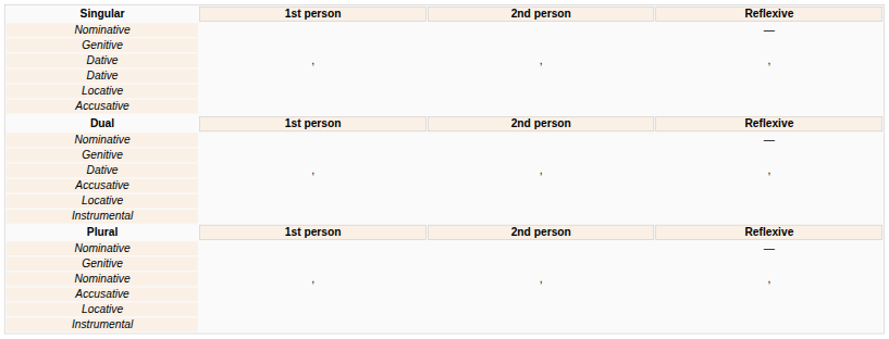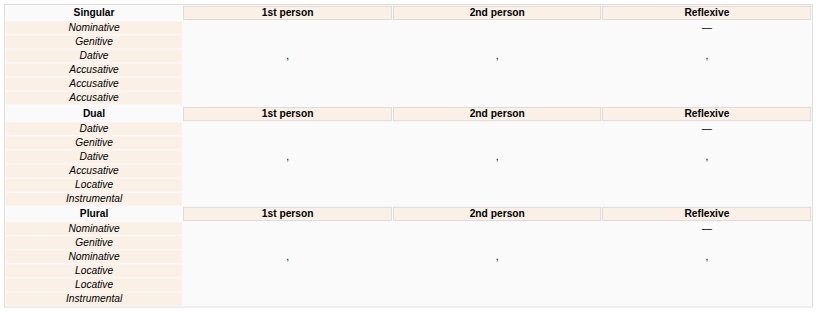 <table class="inflection-table" style="width: 100%; background: #FAFAFA; border: 1px solid #d0d0d0; text-align: center">
 <tr>
 <th style="width: 22%">Singular</th>
 <th style="width: 26%; background: linen; border: 1px solid #d0d0d0">1st person</th>
 <th style="width: 26%; background: linen; border: 1px solid #d0d0d0">2nd person</th>
 <th style="width: 26%; background: linen; border: 1px solid #d0d0d0">Reflexive</th>
 </tr>
 <tr>
 <td style="background-color: linen;"><em>Nominative</em></td>
 <td></td>
 <td></td>
 <td>—</td>
 </tr>
 <tr>
 <td style="background-color: linen;"><em>Genitive</em></td>
 <td></td>
 <td></td>
 <td></td>
 </tr>
 <tr>
 <td style="background-color: linen;"><em>Dative</em></td>
 <td>, </td>
 <td>, </td>
 <td>, </td>
 </tr>
 <tr>
-<td style="background-color: linen;"><em>Dative</em></td>
+<td style="background-color: linen;"><em>Accusative</em></td>
 <td></td>
 <td></td>
 <td></td>
 </tr>
 <tr>
-<td style="background-color: linen;"><em>Locative</em></td>
+<td style="background-color: linen;"><em>Accusative</em></td>
 <td></td>
 <td></td>
 <td></td>
 </tr>
 <tr>
 <td style="background-color: linen;"><em>Accusative</em></td>
 <td></td>
 <td></td>
 <td></td>
 </tr>
 <tr>
 </tr>
 <tr>
 <th style="width: 22%">Dual</th>
 <th style="width: 26%; background: linen; border: 1px solid #d0d0d0">1st person</th>
 <th style="width: 26%; background: linen; border: 1px solid #d0d0d0">2nd person</th>
 <th style="width: 26%; background: linen; border: 1px solid #d0d0d0">Reflexive</th>
 </tr>
 <tr>
-<td style="background-color: linen;"><em>Nominative</em></td>
+<td style="background-color: linen;"><em>Dative</em></td>
 <td></td>
 <td></td>
 <td>—</td>
 </tr>
 <tr>
 <td style="background-color: linen;"><em>Genitive</em></td>
 <td></td>
 <td></td>
 <td></td>
 </tr>
 <tr>
 <td style="background-color: linen;"><em>Dative</em></td>
 <td>, </td>
 <td>, </td>
 <td>, </td>
 </tr>
 <tr>
 <td style="background-color: linen;"><em>Accusative</em></td>
 <td></td>
 <td></td>
 <td></td>
 </tr>
 <tr>
 <td style="background-color: linen;"><em>Locative</em></td>
 <td></td>
 <td></td>
 <td></td>
 </tr>
 <tr>
 <td style="background-color: linen;"><em>Instrumental</em></td>
 <td></td>
 <td></td>
 <td></td>
 </tr>
 <tr>
 <th style="width: 22%">Plural</th>
 <th style="width: 26%; background: linen; border: 1px solid #d0d0d0">1st person</th>
 <th style="width: 26%; background: linen; border: 1px solid #d0d0d0">2nd person</th>
 <th style="width: 26%; background: linen; border: 1px solid #d0d0d0">Reflexive</th>
 </tr>
 <tr>
 <td style="background-color: linen;"><em>Nominative</em></td>
 <td></td>
 <td></td>
 <td>—</td>
 </tr>
 <tr>
 <td style="background-color: linen;"><em>Genitive</em></td>
 <td></td>
 <td></td>
 <td></td>
 </tr>
 <tr>
 <td style="background-color: linen;"><em>Nominative</em></td>
 <td>, </td>
 <td>, </td>
 <td>, </td>
 </tr>
 <tr>
-<td style="background-color: linen;"><em>Accusative</em></td>
+<td style="background-color: linen;"><em>Locative</em></td>
 <td></td>
 <td></td>
 <td></td>
 </tr>
 <tr>
 <td style="background-color: linen;"><em>Locative</em></td>
 <td></td>
 <td></td>
 <td></td>
 </tr>
 <tr>
 <td style="background-color: linen;"><em>Instrumental</em></td>
 <td></td>
 <td></td>
 <td></td>
 </tr>
 </table>
